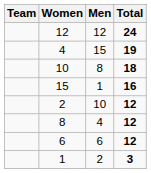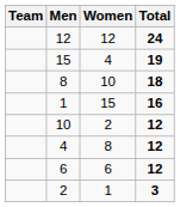 <table class="wikitable sortable" style="text-align:center">
 <tr>
 <th>Team</th>
+<th>Men</th>
 <th>Women</th>
-<th>Men</th>
 <th>Total</th>
 </tr>
 <tr>
 <td align=left></td>
 <td>12</td>
 <td>12</td>
 <td><strong>24</strong></td>
 </tr>
 <tr>
 <td align=left></td>
+<td>15</td>
 <td>4</td>
-<td>15</td>
 <td><strong>19</strong></td>
 </tr>
 <tr>
 <td align=left></td>
+<td>8</td>
 <td>10</td>
-<td>8</td>
 <td><strong>18</strong></td>
 </tr>
 <tr>
 <td align=left></td>
+<td>1</td>
 <td>15</td>
-<td>1</td>
 <td><strong>16</strong></td>
 </tr>
 <tr>
 <td align=left></td>
+<td>10</td>
 <td>2</td>
-<td>10</td>
 <td><strong>12</strong></td>
 </tr>
 <tr>
 <td align=left></td>
+<td>4</td>
 <td>8</td>
-<td>4</td>
 <td><strong>12</strong></td>
 </tr>
 <tr>
 <td align=left></td>
 <td>6</td>
 <td>6</td>
 <td><strong>12</strong></td>
 </tr>
 <tr>
 <td align=left></td>
+<td>2</td>
 <td>1</td>
-<td>2</td>
 <td><strong>3</strong></td>
 </tr>
 </table>
